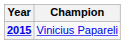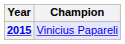 <table class="wikitable">
 <tr>
 <th>Year</th>
 <th>Champion</th>
 </tr>
 <tr>
 <th><a href='#'>2015</a></th>
-<td> <a href='#'>Vinicius Papareli</a></td>
+<td style="background: lavender;"> <a href='#'>Vinicius Papareli</a></td>
 </tr>
 </table>
